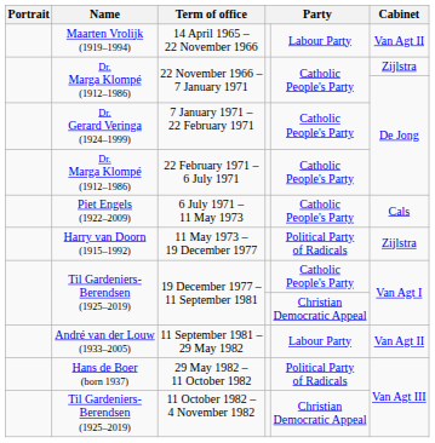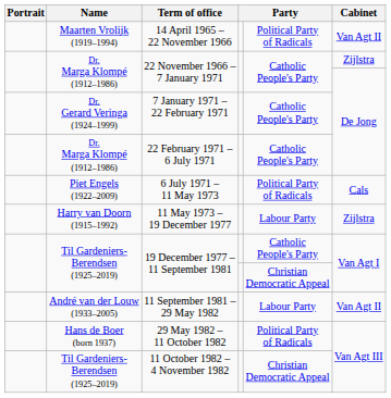 <table class="wikitable" style="text-align:center">
 <tr>
 <th>Portrait</th>
 <th>Name <br> </th>
 <th>Term of office</th>
 <th colspan=2>Party</th>
 <th>Cabinet</th>
 </tr>
 <tr>
 <td></td>
 <td><a href='#'>Maarten Vrolijk</a> <br> <small>(1919–1994)</small></td>
 <td>14 April 1965 – <br> 22 November 1966</td>
 <td style="background:"></td>
-<td><a href='#'>Labour Party</a></td>
+<td><a href='#'>Political Party <br> of Radicals</a></td>
 <td><a href='#'>Van Agt II</a> <br></td>
 </tr>
 <tr>
 <td rowspan=2></td>
 <td rowspan=2><small><a href='#'>Dr.</a></small> <br> <a href='#'>Marga Klompé</a> <br> <small>(1912–1986)</small></td>
 <td rowspan=2>22 November 1966 – <br> 7 January 1971 <br> </td>
 <td rowspan=2 style="background:"></td>
 <td rowspan=2><a href='#'>Catholic <br> People's Party</a></td>
 <td><a href='#'>Zijlstra</a> <br></td>
 </tr>
 <tr>
 <td rowspan=3><a href='#'>De Jong</a> <br></td>
 </tr>
 <tr>
 <td></td>
 <td><small><a href='#'>Dr.</a></small> <br> <a href='#'>Gerard Veringa</a> <br> <small>(1924–1999)</small></td>
 <td>7 January 1971 – <br> 22 February 1971 <br>  <br> </td>
 <td style="background:"></td>
 <td><a href='#'>Catholic <br> People's Party</a></td>
 </tr>
 <tr>
 <td></td>
 <td><small><a href='#'>Dr.</a></small> <br> <a href='#'>Marga Klompé</a> <br> <small>(1912–1986)</small></td>
 <td>22 February 1971 – <br>  6 July 1971</td>
 <td style="background:"></td>
 <td><a href='#'>Catholic <br> People's Party</a></td>
 </tr>
 <tr>
 <td></td>
 <td><a href='#'>Piet Engels</a> <br> <small>(1922–2009)</small></td>
 <td>6 July 1971 – <br> 11 May 1973</td>
 <td style="background:"></td>
-<td><a href='#'>Catholic <br> People's Party</a></td>
+<td><a href='#'>Political Party <br> of Radicals</a></td>
 <td><a href='#'>Cals</a> <br></td>
 </tr>
 <tr>
 <td></td>
 <td><a href='#'>Harry van Doorn</a> <br> <small>(1915–1992)</small></td>
 <td>11 May 1973 – <br> 19 December 1977</td>
 <td style="background:"></td>
-<td><a href='#'>Political Party <br> of Radicals</a></td>
+<td><a href='#'>Labour Party</a></td>
 <td><a href='#'>Zijlstra</a> <br></td>
 </tr>
 <tr>
 <td rowspan=2></td>
 <td rowspan=2><a href='#'>Til Gardeniers-<br>Berendsen</a> <br> <small>(1925–2019)</small></td>
 <td rowspan=2>19 December 1977 – <br> 11 September 1981</td>
 <td style="background:"></td>
 <td><a href='#'>Catholic <br> People's Party</a></td>
 <td rowspan=2><a href='#'>Van Agt I</a> <br></td>
 </tr>
 <tr>
 <td style="background:"></td>
 <td><a href='#'>Christian <br> Democratic Appeal</a></td>
 </tr>
 <tr>
 <td></td>
 <td><a href='#'>André van der Louw</a> <br> <small>(1933–2005)</small></td>
 <td>11 September 1981 – <br> 29 May 1982 <br> </td>
 <td style="background:"></td>
 <td><a href='#'>Labour Party</a></td>
 <td><a href='#'>Van Agt II</a> <br></td>
 </tr>
 <tr>
 <td></td>
 <td><a href='#'>Hans de Boer</a> <br> <small>(born 1937)</small></td>
 <td>29 May 1982 – <br> 11 October 1982 <br> </td>
 <td style="background:"></td>
 <td><a href='#'>Political Party <br> of Radicals</a></td>
 <td rowspan=2><a href='#'>Van Agt III</a> <br></td>
 </tr>
 <tr>
 <td></td>
 <td><a href='#'>Til Gardeniers-<br>Berendsen</a> <br> <small>(1925–2019)</small></td>
 <td>11 October 1982 – <br> 4 November 1982 <br>  <br> </td>
 <td style="background:"></td>
 <td><a href='#'>Christian <br> Democratic Appeal</a></td>
 </tr>
 </table>
